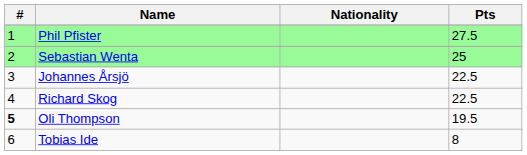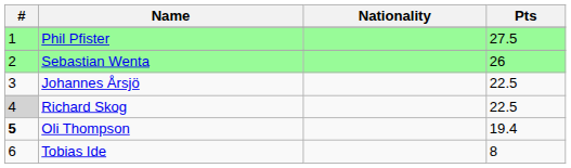 <table class="wikitable" style="display: inline-table; width: 50%;">
 <tr>
 <th>#</th>
 <th>Name</th>
 <th>Nationality</th>
 <th>Pts</th>
 </tr>
 <tr>
 </tr>
 <tr style="background:palegreen;">
 <td>1</td>
 <td><a href='#'>Phil Pfister</a></td>
 <td></td>
 <td>27.5</td>
 </tr>
 <tr>
 </tr>
 <tr style="background:palegreen;">
 <td>2</td>
 <td><a href='#'>Sebastian Wenta</a></td>
 <td></td>
-<td>25</td>
+<td>26</td>
 </tr>
 <tr>
 <td>3</td>
 <td><a href='#'>Johannes Årsjö</a></td>
 <td></td>
 <td>22.5</td>
 </tr>
 <tr>
-<td>4</td>
+<td style="background: lightgrey;">4</td>
 <td><a href='#'>Richard Skog</a></td>
 <td></td>
 <td>22.5</td>
 </tr>
 <tr>
 <td><strong>5</strong></td>
 <td><a href='#'>Oli Thompson</a></td>
 <td></td>
-<td>19.5</td>
+<td>19.4</td>
 </tr>
 <tr>
 <td>6</td>
 <td><a href='#'>Tobias Ide</a></td>
 <td></td>
 <td>8</td>
 </tr>
 </table>
